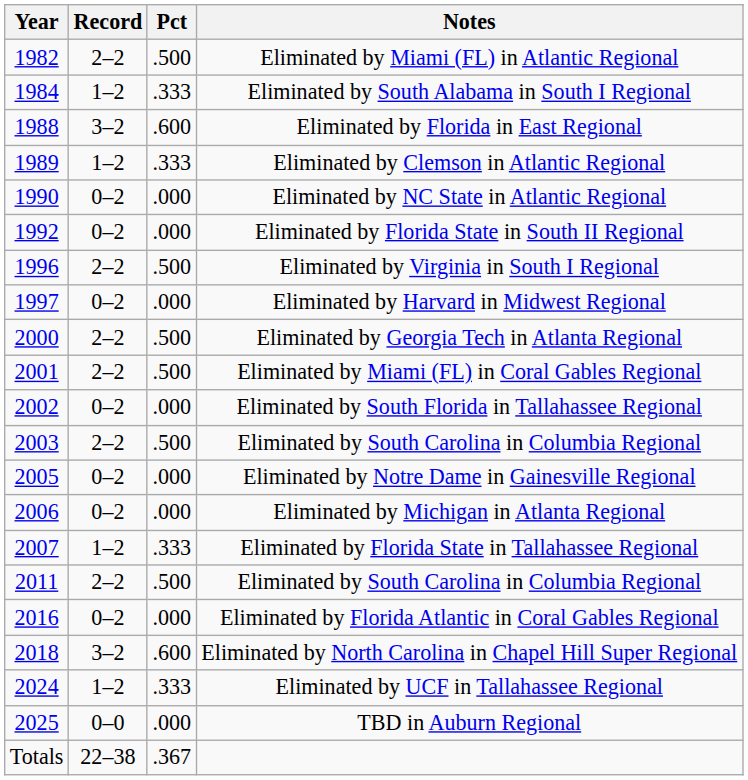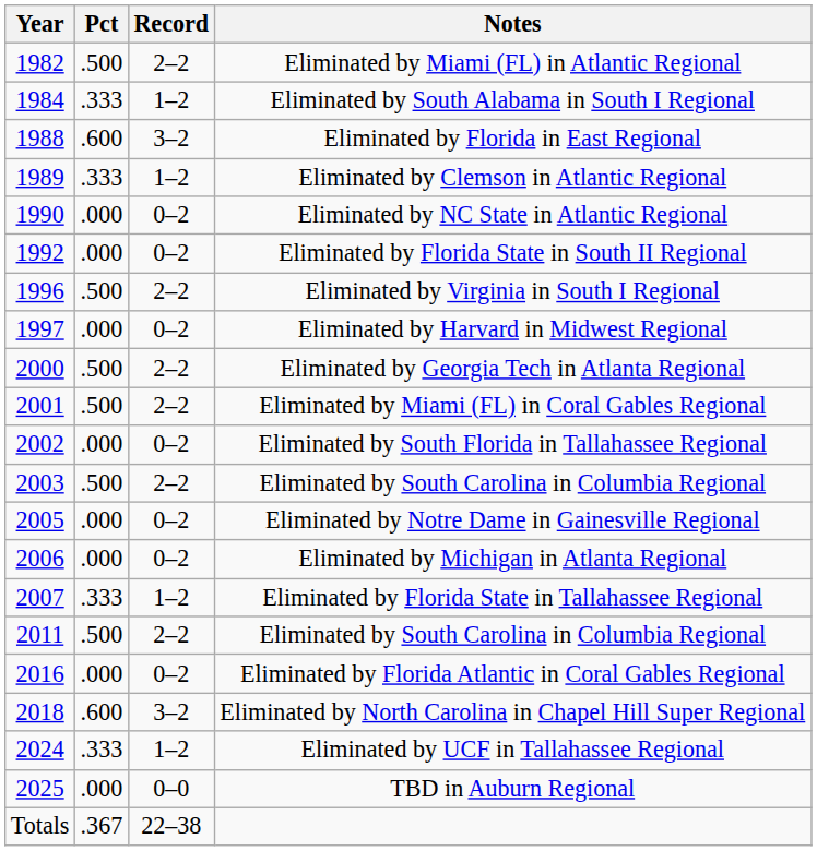 <table class="wikitable sortable" style="text-align:center">
 <tr>
 <th>Year</th>
+<th>Pct</th>
 <th>Record</th>
-<th>Pct</th>
 <th>Notes</th>
 </tr>
 <tr>
 <td><a href='#'>1982</a></td>
+<td>.500</td>
 <td>2–2</td>
-<td>.500</td>
 <td>Eliminated by <a href='#'>Miami (FL)</a> in <a href='#'>Atlantic Regional</a></td>
 </tr>
 <tr>
 <td><a href='#'>1984</a></td>
+<td>.333</td>
 <td>1–2</td>
-<td>.333</td>
 <td>Eliminated by <a href='#'>South Alabama</a> in <a href='#'>South I Regional</a></td>
 </tr>
 <tr>
 <td><a href='#'>1988</a></td>
+<td>.600</td>
 <td>3–2</td>
-<td>.600</td>
 <td>Eliminated by <a href='#'>Florida</a> in <a href='#'>East Regional</a></td>
 </tr>
 <tr>
 <td><a href='#'>1989</a></td>
+<td>.333</td>
 <td>1–2</td>
-<td>.333</td>
 <td>Eliminated by <a href='#'>Clemson</a> in <a href='#'>Atlantic Regional</a></td>
 </tr>
 <tr>
 <td><a href='#'>1990</a></td>
+<td>.000</td>
 <td>0–2</td>
-<td>.000</td>
 <td>Eliminated by <a href='#'>NC State</a> in <a href='#'>Atlantic Regional</a></td>
 </tr>
 <tr>
 <td><a href='#'>1992</a></td>
+<td>.000</td>
 <td>0–2</td>
-<td>.000</td>
 <td>Eliminated by <a href='#'>Florida State</a> in <a href='#'>South II Regional</a></td>
 </tr>
 <tr>
 <td><a href='#'>1996</a></td>
+<td>.500</td>
 <td>2–2</td>
-<td>.500</td>
 <td>Eliminated by <a href='#'>Virginia</a> in <a href='#'>South I Regional</a></td>
 </tr>
 <tr>
 <td><a href='#'>1997</a></td>
+<td>.000</td>
 <td>0–2</td>
-<td>.000</td>
 <td>Eliminated by <a href='#'>Harvard</a> in <a href='#'>Midwest Regional</a></td>
 </tr>
 <tr>
 <td><a href='#'>2000</a></td>
+<td>.500</td>
 <td>2–2</td>
-<td>.500</td>
 <td>Eliminated by <a href='#'>Georgia Tech</a> in <a href='#'>Atlanta Regional</a></td>
 </tr>
 <tr>
 <td><a href='#'>2001</a></td>
+<td>.500</td>
 <td>2–2</td>
-<td>.500</td>
 <td>Eliminated by <a href='#'>Miami (FL)</a> in <a href='#'>Coral Gables Regional</a></td>
 </tr>
 <tr>
 <td><a href='#'>2002</a></td>
+<td>.000</td>
 <td>0–2</td>
-<td>.000</td>
 <td>Eliminated by <a href='#'>South Florida</a> in <a href='#'>Tallahassee Regional</a></td>
 </tr>
 <tr>
 <td><a href='#'>2003</a></td>
+<td>.500</td>
 <td>2–2</td>
-<td>.500</td>
 <td>Eliminated by <a href='#'>South Carolina</a> in <a href='#'>Columbia Regional</a></td>
 </tr>
 <tr>
 <td><a href='#'>2005</a></td>
+<td>.000</td>
 <td>0–2</td>
-<td>.000</td>
 <td>Eliminated by <a href='#'>Notre Dame</a> in <a href='#'>Gainesville Regional</a></td>
 </tr>
 <tr>
 <td><a href='#'>2006</a></td>
+<td>.000</td>
 <td>0–2</td>
-<td>.000</td>
 <td>Eliminated by <a href='#'>Michigan</a> in <a href='#'>Atlanta Regional</a></td>
 </tr>
 <tr>
 <td><a href='#'>2007</a></td>
+<td>.333</td>
 <td>1–2</td>
-<td>.333</td>
 <td>Eliminated by <a href='#'>Florida State</a> in <a href='#'>Tallahassee Regional</a></td>
 </tr>
 <tr>
 <td><a href='#'>2011</a></td>
+<td>.500</td>
 <td>2–2</td>
-<td>.500</td>
 <td>Eliminated by <a href='#'>South Carolina</a> in <a href='#'>Columbia Regional</a></td>
 </tr>
 <tr>
 <td><a href='#'>2016</a></td>
+<td>.000</td>
 <td>0–2</td>
-<td>.000</td>
 <td>Eliminated by <a href='#'>Florida Atlantic</a> in <a href='#'>Coral Gables Regional</a></td>
 </tr>
 <tr>
 <td><a href='#'>2018</a></td>
+<td>.600</td>
 <td>3–2</td>
-<td>.600</td>
 <td>Eliminated by <a href='#'>North Carolina</a> in <a href='#'>Chapel Hill Super Regional</a></td>
 </tr>
 <tr>
 <td><a href='#'>2024</a></td>
+<td>.333</td>
 <td>1–2</td>
-<td>.333</td>
 <td>Eliminated by <a href='#'>UCF</a> in <a href='#'>Tallahassee Regional</a></td>
 </tr>
 <tr>
 <td><a href='#'>2025</a></td>
+<td>.000</td>
 <td>0–0</td>
-<td>.000</td>
 <td>TBD in <a href='#'>Auburn Regional</a></td>
 </tr>
 <tr class="sortbottom">
 <td>Totals</td>
+<td>.367</td>
 <td>22–38</td>
-<td>.367</td>
 <td></td>
 </tr>
 </table>
